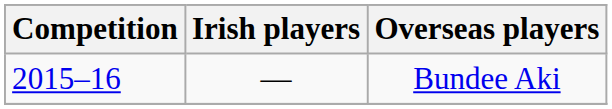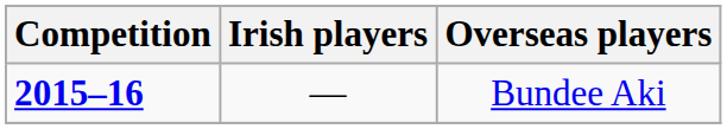 <table class="wikitable sortable">
 <tr>
 <th>Competition</th>
 <th>Irish players</th>
 <th>Overseas players</th>
 </tr>
 <tr>
-<td><a href='#'>2015–16</a></td>
+<td><strong><a href='#'>2015–16</a></strong></td>
 <td align=center>—</td>
 <td align=center> <a href='#'>Bundee Aki</a></td>
 </tr>
 <tr>
 </tr>
 </table>
